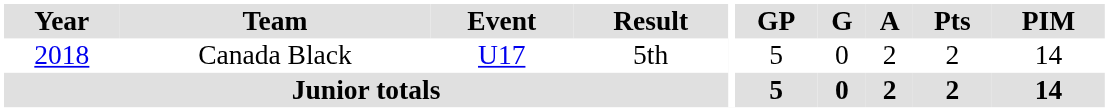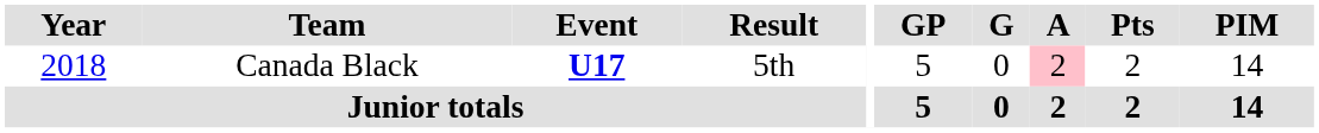 <table border="0" cellpadding="1" cellspacing="0" ID="Table3" style="text-align:center; width:40em">
 <tr bgcolor="#e0e0e0">
 <th>Year</th>
 <th>Team</th>
 <th>Event</th>
 <th>Result</th>
 <th rowspan="99" bgcolor="#ffffff"></th>
 <th>GP</th>
 <th>G</th>
 <th>A</th>
 <th>Pts</th>
 <th>PIM</th>
 </tr>
 <tr>
 <td><a href='#'>2018</a></td>
 <td>Canada Black</td>
-<td><a href='#'>U17</a></td>
+<td><strong><a href='#'>U17</a></strong></td>
 <td>5th</td>
 <td>5</td>
 <td>0</td>
-<td>2</td>
+<td style="background: pink;">2</td>
 <td>2</td>
 <td>14</td>
 </tr>
 <tr bgcolor="#e0e0e0">
 <th colspan="4">Junior totals</th>
 <th>5</th>
 <th>0</th>
 <th>2</th>
 <th>2</th>
 <th>14</th>
 </tr>
 </table>
